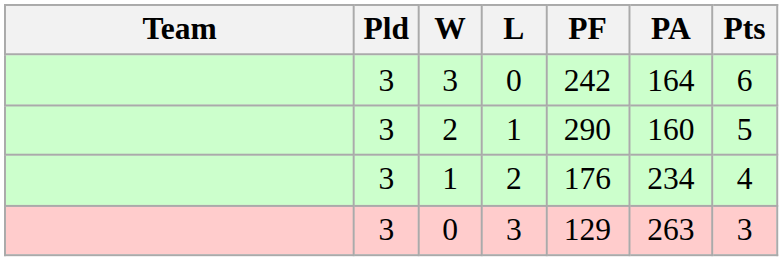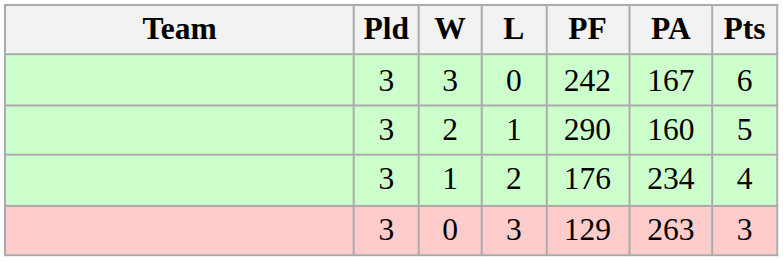 <table class="wikitable" style="text-align:center;">
 <tr>
 <th width=170>Team</th>
 <th width=25>Pld</th>
 <th width=25>W</th>
 <th width=25>L</th>
 <th width=35>PF</th>
 <th width=35>PA</th>
 <th width=25>Pts</th>
 </tr>
 <tr bgcolor=#ccffcc>
 <td style="text-align:left"></td>
 <td>3</td>
 <td>3</td>
 <td>0</td>
 <td>242</td>
-<td>164</td>
+<td>167</td>
 <td>6</td>
 </tr>
 <tr bgcolor=#ccffcc>
 <td style="text-align:left"></td>
 <td>3</td>
 <td>2</td>
 <td>1</td>
 <td>290</td>
 <td>160</td>
 <td>5</td>
 </tr>
 <tr bgcolor=#ccffcc>
 <td style="text-align:left"></td>
 <td>3</td>
 <td>1</td>
 <td>2</td>
 <td>176</td>
 <td>234</td>
 <td>4</td>
 </tr>
 <tr bgcolor=#ffcccc>
 <td style="text-align:left"></td>
 <td>3</td>
 <td>0</td>
 <td>3</td>
 <td>129</td>
 <td>263</td>
 <td>3</td>
 </tr>
 </table>
